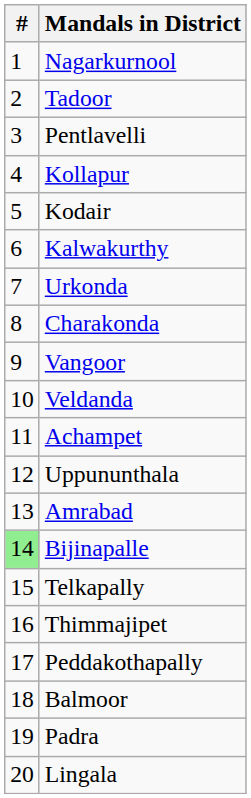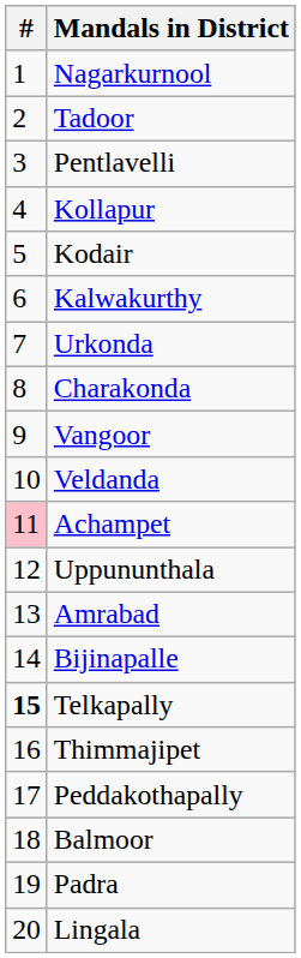 <table class="wikitable">
 <tr>
 <th>#</th>
 <th>Mandals in District</th>
 </tr>
 <tr>
 <td>1</td>
 <td><a href='#'>Nagarkurnool</a></td>
 </tr>
 <tr>
 <td>2</td>
 <td><a href='#'>Tadoor</a></td>
 </tr>
 <tr>
 <td>3</td>
 <td>Pentlavelli</td>
 </tr>
 <tr>
 <td>4</td>
 <td><a href='#'>Kollapur</a></td>
 </tr>
 <tr>
 <td>5</td>
 <td>Kodair</td>
 </tr>
 <tr>
 <td>6</td>
 <td><a href='#'>Kalwakurthy</a></td>
 </tr>
 <tr>
 <td>7</td>
 <td><a href='#'>Urkonda</a></td>
 </tr>
 <tr>
 <td>8</td>
 <td><a href='#'>Charakonda</a></td>
 </tr>
 <tr>
 <td>9</td>
 <td><a href='#'>Vangoor</a></td>
 </tr>
 <tr>
 <td>10</td>
 <td><a href='#'>Veldanda</a></td>
 </tr>
 <tr>
-<td>11</td>
+<td style="background: pink;">11</td>
 <td><a href='#'>Achampet</a></td>
 </tr>
 <tr>
 <td>12</td>
 <td>Uppununthala</td>
 </tr>
 <tr>
 <td>13</td>
 <td><a href='#'>Amrabad</a></td>
 </tr>
 <tr>
-<td style="background: lightgreen;">14</td>
+<td>14</td>
 <td><a href='#'>Bijinapalle</a></td>
 </tr>
 <tr>
-<td>15</td>
+<td><strong>15</strong></td>
 <td>Telkapally</td>
 </tr>
 <tr>
 <td>16</td>
 <td>Thimmajipet</td>
 </tr>
 <tr>
 <td>17</td>
 <td>Peddakothapally</td>
 </tr>
 <tr>
 <td>18</td>
 <td>Balmoor</td>
 </tr>
 <tr>
 <td>19</td>
 <td>Padra</td>
 </tr>
 <tr>
 <td>20</td>
 <td>Lingala</td>
 </tr>
 </table>
